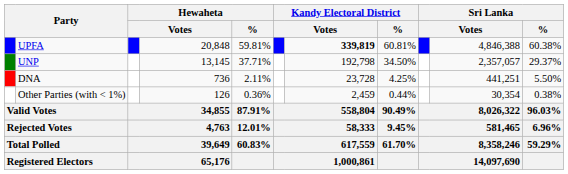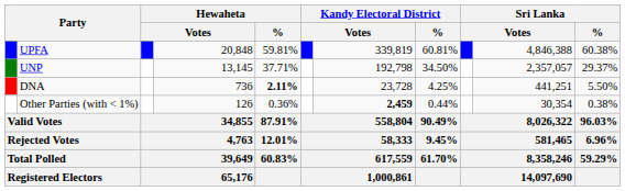 <table class="wikitable">
 <tr>
 <th colspan="2" width="144px"rowspan="2">Party</th>
 <th colspan="3" width="216px">Hewaheta</th>
 <th colspan="3" width="216px"><a href='#'>Kandy Electoral District</a></th>
 <th colspan="3" width="216px">Sri Lanka</th>
 </tr>
 <tr>
 <th colspan="2" width="144px">Votes</th>
 <th>%</th>
 <th colspan="2" width="144px">Votes</th>
 <th>%</th>
 <th colspan="2" width="144px">Votes</th>
 <th>%</th>
 </tr>
 <tr>
 <td style="background-color:blue;" width="10px"></td>
 <td style="text-align:left;"><a href='#'>UPFA</a></td>
 <td style="background-color:blue;" width="10px"></td>
 <td style="text-align:right;">20,848</td>
 <td style="text-align:right;">59.81%</td>
 <td style="background-color:blue;" width="10px"></td>
-<td style="text-align:right;"><strong>339,819</strong></td>
+<td style="text-align:right;">339,819</td>
 <td style="text-align:right;">60.81%</td>
 <td style="background-color:blue;" width="10px"></td>
 <td style="text-align:right;">4,846,388</td>
 <td style="text-align:right;">60.38%</td>
 </tr>
 <tr>
 <td style="background-color:green;" width="10px"></td>
 <td style="text-align:left;"><a href='#'>UNP</a></td>
 <td style="background-color:white;" width="10px"></td>
 <td style="text-align:right;">13,145</td>
 <td style="text-align:right;">37.71%</td>
 <td style="background-color:white;" width="10px"></td>
 <td style="text-align:right;">192,798</td>
 <td style="text-align:right;">34.50%</td>
 <td style="background-color:white;" width="10px"></td>
 <td style="text-align:right;">2,357,057</td>
 <td style="text-align:right;">29.37%</td>
 </tr>
 <tr>
 <td style="background-color:red;" width="10px"></td>
 <td style="text-align:left;">DNA</td>
 <td style="background-color:white;" width="10px"></td>
 <td style="text-align:right;">736</td>
-<td style="text-align:right;">2.11%</td>
+<td style="text-align:right;"><strong>2.11%</strong></td>
 <td style="background-color:white;" width="10px"></td>
 <td style="text-align:right;">23,728</td>
 <td style="text-align:right;">4.25%</td>
 <td style="background-color:white;" width="10px"></td>
 <td style="text-align:right;">441,251</td>
 <td style="text-align:right;">5.50%</td>
 </tr>
 <tr>
 <td style="background-color:white;" width="10px"></td>
 <td style="text-align:left;">Other Parties (with < 1%)</td>
 <td style="background-color:white;" width="10px"></td>
 <td style="text-align:right;">126</td>
 <td style="text-align:right;">0.36%</td>
 <td style="background-color:white;" width="10px"></td>
-<td style="text-align:right;">2,459</td>
+<td style="text-align:right;"><strong>2,459</strong></td>
 <td style="text-align:right;">0.44%</td>
 <td style="background-color:white;" width="10px"></td>
 <td style="text-align:right;">30,354</td>
 <td style="text-align:right;">0.38%</td>
 </tr>
 <tr>
 <th colspan="2" width="144px"style="text-align:left;">Valid Votes</th>
 <th style="text-align:right;"colspan="2" width="144px">34,855</th>
 <th style="text-align:right;">87.91%</th>
 <th style="text-align:right;"colspan="2" width="144px">558,804</th>
 <th style="text-align:right;">90.49%</th>
 <th style="text-align:right;"colspan="2" width="144px">8,026,322</th>
 <th style="text-align:right;">96.03%</th>
 </tr>
 <tr>
 <th colspan="2" width="144px"style="text-align:left;">Rejected Votes</th>
 <th style="text-align:right;"colspan="2" width="144px">4,763</th>
 <th style="text-align:right;">12.01%</th>
 <th style="text-align:right;"colspan="2" width="144px">58,333</th>
 <th style="text-align:right;">9.45%</th>
 <th style="text-align:right;"colspan="2" width="144px">581,465</th>
 <th style="text-align:right;">6.96%</th>
 </tr>
 <tr>
 <th colspan="2" width="144px"style="text-align:left;">Total Polled</th>
 <th style="text-align:right;"colspan="2" width="144px">39,649</th>
 <th style="text-align:right;">60.83%</th>
 <th style="text-align:right;"colspan="2" width="144px">617,559</th>
 <th style="text-align:right;">61.70%</th>
 <th style="text-align:right;"colspan="2" width="144px">8,358,246</th>
 <th style="text-align:right;">59.29%</th>
 </tr>
 <tr>
 <th colspan="2" width="144px"style="text-align:left;">Registered Electors</th>
 <th style="text-align:right;"colspan="2" width="144px">65,176</th>
 <th></th>
 <th style="text-align:right;"colspan="2" width="144px">1,000,861</th>
 <th></th>
 <th style="text-align:right;"colspan="2" width="144px">14,097,690</th>
 <th></th>
 </tr>
 </table>
